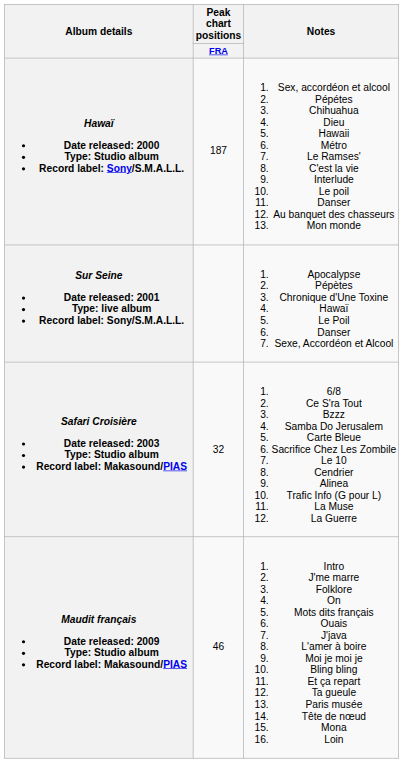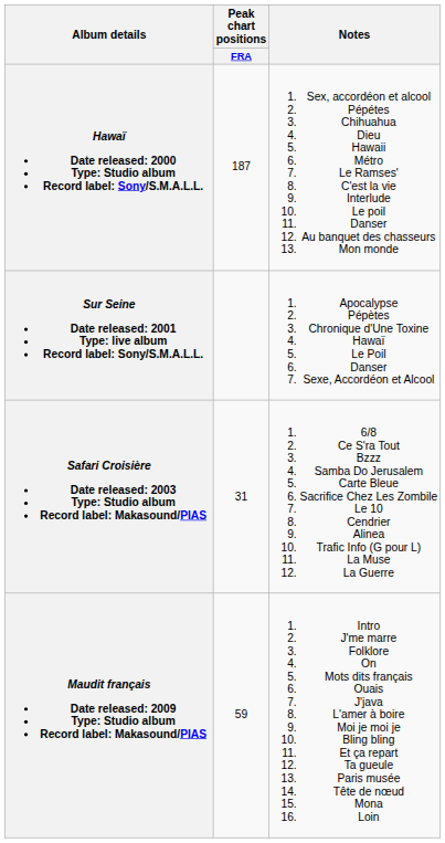 <table class="wikitable plainrowheaders" style="text-align:center;">
 <tr>
 <th scope="col" rowspan="2" style="width:18em;">Album details</th>
 <th scope="col" colspan="1">Peak chart positions</th>
 <th scope="col" rowspan="2">Notes</th>
 </tr>
 <tr>
 <th scope="col" style="width:3em;font-size:90%;"><a href='#'>FRA</a><br></th>
 </tr>
 <tr>
 <th scope="row"><em>Hawaï</em><br><ul><li>Date released: 2000</li><li>Type: Studio album</li><li>Record label: <a href='#'>Sony</a>/S.M.A.L.L.</li></ul></th>
 <td>187</td>
 <td><br><ol><li>Sex, accordéon et alcool</li><li>Pépétes</li><li>Chihuahua</li><li>Dieu</li><li>Hawaii</li><li>Métro</li><li>Le Ramses'</li><li>C'est la vie</li><li>Interlude</li><li>Le poil</li><li>Danser</li><li>Au banquet des chasseurs</li><li>Mon monde</li></ol></td>
 </tr>
 <tr>
 <th scope="row"><em>Sur Seine</em><br><ul><li>Date released: 2001</li><li>Type: live album</li><li>Record label: Sony/S.M.A.L.L.</li></ul></th>
 <td></td>
 <td><br><ol><li>Apocalypse</li><li>Pépètes</li><li>Chronique d'Une Toxine</li><li>Hawaï</li><li>Le Poil</li><li>Danser</li><li>Sexe, Accordéon et Alcool</li></ol></td>
 </tr>
 <tr>
 <th scope="row"><em>Safari Croisière</em><br><ul><li>Date released: 2003</li><li>Type: Studio album</li><li>Record label: Makasound/<a href='#'>PIAS</a></li></ul></th>
-<td>32</td>
+<td>31</td>
 <td><br><ol><li>6/8</li><li>Ce S'ra Tout</li><li>Bzzz</li><li>Samba Do Jerusalem</li><li>Carte Bleue</li><li>Sacrifice Chez Les Zombile</li><li>Le 10</li><li>Cendrier</li><li>Alinea</li><li>Trafic Info (G pour L)</li><li>La Muse</li><li>La Guerre</li></ol></td>
 </tr>
 <tr>
 <th scope="row"><em>Maudit français</em><br><ul><li>Date released: 2009</li><li>Type: Studio album</li><li>Record label: Makasound/<a href='#'>PIAS</a></li></ul></th>
-<td>46</td>
+<td>59</td>
 <td><br><ol><li>Intro</li><li>J'me marre</li><li>Folklore</li><li>On</li><li>Mots dits français</li><li>Ouais</li><li>J'java</li><li>L'amer à boire</li><li>Moi je moi je</li><li>Bling bling</li><li>Et ça repart</li><li>Ta gueule</li><li>Paris musée</li><li>Tête de nœud</li><li>Mona</li><li>Loin</li></ol></td>
 </tr>
 </table>
